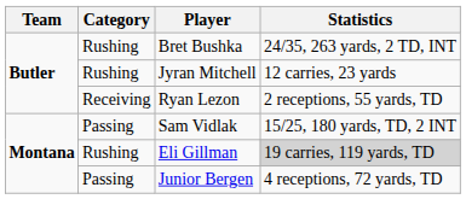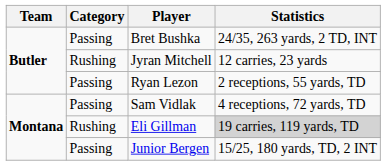 <table class="wikitable" style="float: right;">
 <tr>
 <th>Team</th>
 <th>Category</th>
 <th>Player</th>
 <th>Statistics</th>
 </tr>
 <tr>
 <td rowspan=3><strong>Butler</strong></td>
-<td>Rushing</td>
+<td>Passing</td>
 <td>Bret Bushka</td>
 <td>24/35, 263 yards, 2 TD, INT</td>
 </tr>
 <tr>
 <td>Rushing</td>
 <td>Jyran Mitchell</td>
 <td>12 carries, 23 yards</td>
 </tr>
 <tr>
-<td>Receiving</td>
+<td>Passing</td>
 <td>Ryan Lezon</td>
 <td>2 receptions, 55 yards, TD</td>
 </tr>
 <tr>
 <td rowspan=3><strong>Montana</strong></td>
 <td>Passing</td>
 <td>Sam Vidlak</td>
-<td>15/25, 180 yards, TD, 2 INT</td>
+<td>4 receptions, 72 yards, TD</td>
 </tr>
 <tr>
 <td>Rushing</td>
 <td><a href='#'>Eli Gillman</a></td>
 <td style="background: lightgrey;">19 carries, 119 yards, TD</td>
 </tr>
 <tr>
 <td>Passing</td>
 <td><a href='#'>Junior Bergen</a></td>
-<td>4 receptions, 72 yards, TD</td>
+<td>15/25, 180 yards, TD, 2 INT</td>
 </tr>
 </table>
